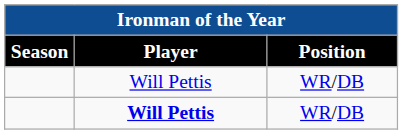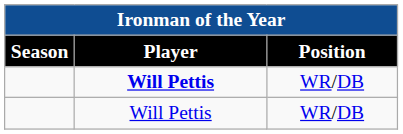 <table class="wikitable sortable" style="text-align:center">
 <tr>
 <td colspan="4" style="background:#0F4D92; color:white;"><strong>Ironman of the Year</strong></td>
 </tr>
 <tr>
 <th style="width:50px; background:black; color:white;">Season</th>
 <th style="width:150px; background:black; color:white;">Player</th>
 <th style="width:100px; background:black; color:white;">Position</th>
 </tr>
 <tr>
 <td></td>
-<td><a href='#'>Will Pettis</a></td>
+<td><strong><a href='#'>Will Pettis</a></strong></td>
 <td><a href='#'>WR</a>/<a href='#'>DB</a></td>
 </tr>
 <tr>
 <td></td>
-<td><strong><a href='#'>Will Pettis</a></strong></td>
+<td><a href='#'>Will Pettis</a></td>
 <td><a href='#'>WR</a>/<a href='#'>DB</a></td>
 </tr>
 </table>
